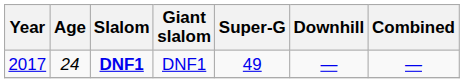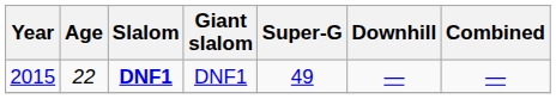 <table class=wikitable style="text-align:center">
 <tr>
 <th>Year</th>
 <th>Age</th>
 <th>Slalom</th>
 <th>Giant<br>slalom</th>
 <th>Super-G</th>
 <th>Downhill</th>
 <th>Combined</th>
 </tr>
 <tr>
-<td><a href='#'>2017</a></td>
-<td><em>24</em></td>
+<td><a href='#'>2015</a></td>
+<td><em>22</em></td>
 <td><strong><a href='#'>DNF1</a></strong></td>
 <td><a href='#'>DNF1</a></td>
 <td><a href='#'>49</a></td>
 <td><a href='#'>—</a></td>
 <td><a href='#'>—</a></td>
 </tr>
 <tr>
 </tr>
 </table>
